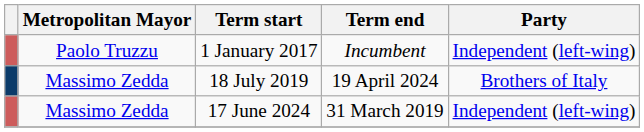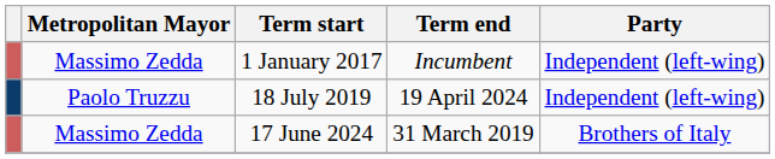 <table class="wikitable" style="text-align:center;">
 <tr>
 <th class=unsortable> </th>
 <th>Metropolitan Mayor</th>
 <th>Term start</th>
 <th>Term end</th>
 <th>Party</th>
 </tr>
 <tr>
 <th style="background:#CD5C5C;"></th>
-<td><a href='#'>Paolo Truzzu</a></td>
+<td><a href='#'>Massimo Zedda</a></td>
 <td>1 January 2017</td>
 <td><em>Incumbent</em></td>
 <td><a href='#'>Independent</a> (<a href='#'>left-wing</a>)</td>
 </tr>
 <tr>
 <th style="background:#0B3B6A;"></th>
-<td><a href='#'>Massimo Zedda</a></td>
+<td><a href='#'>Paolo Truzzu</a></td>
 <td>18 July 2019</td>
 <td>19 April 2024</td>
-<td><a href='#'>Brothers of Italy</a></td>
+<td><a href='#'>Independent</a> (<a href='#'>left-wing</a>)</td>
 </tr>
 <tr>
 <th style="background:#CD5C5C;"></th>
 <td><a href='#'>Massimo Zedda</a></td>
 <td>17 June 2024</td>
 <td>31 March 2019</td>
-<td><a href='#'>Independent</a> (<a href='#'>left-wing</a>)</td>
+<td><a href='#'>Brothers of Italy</a></td>
 </tr>
 <tr>
 </tr>
 </table>
